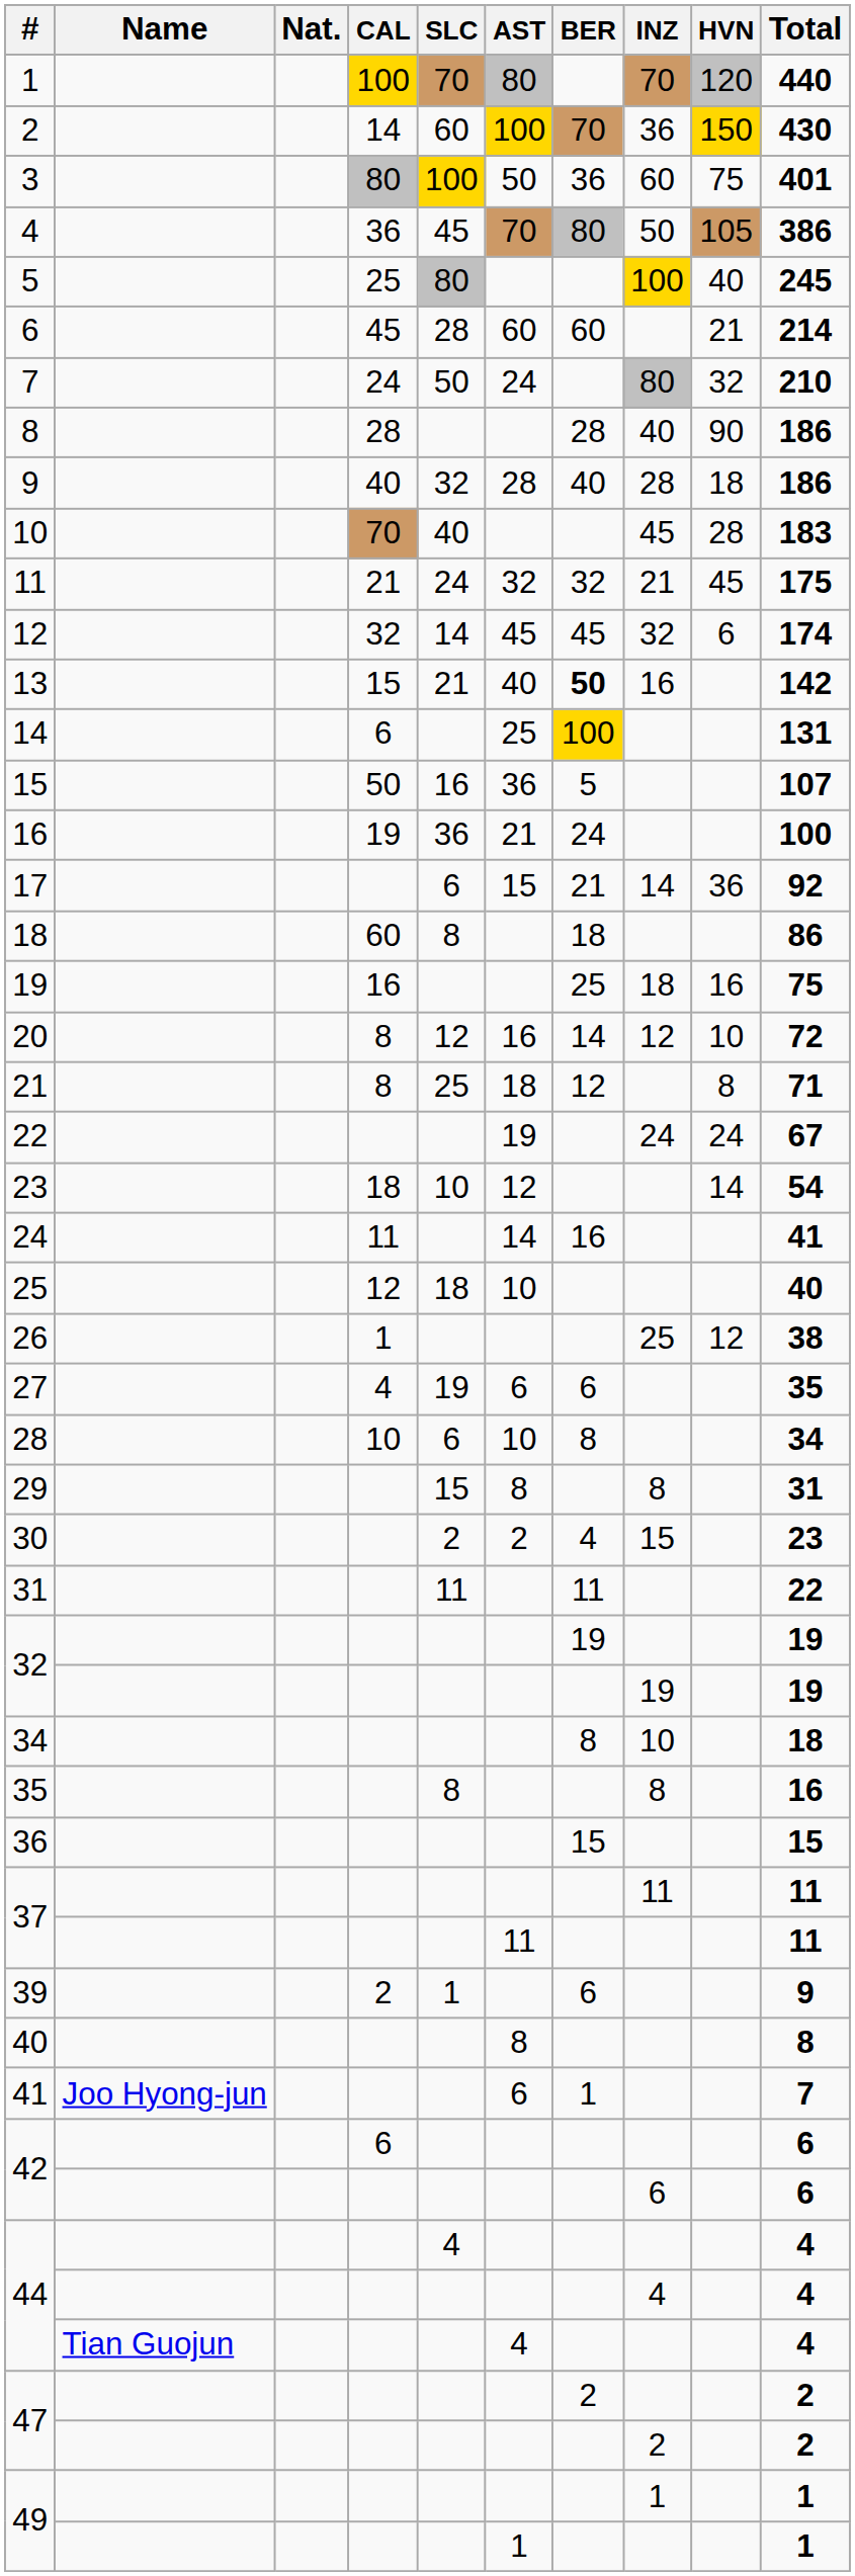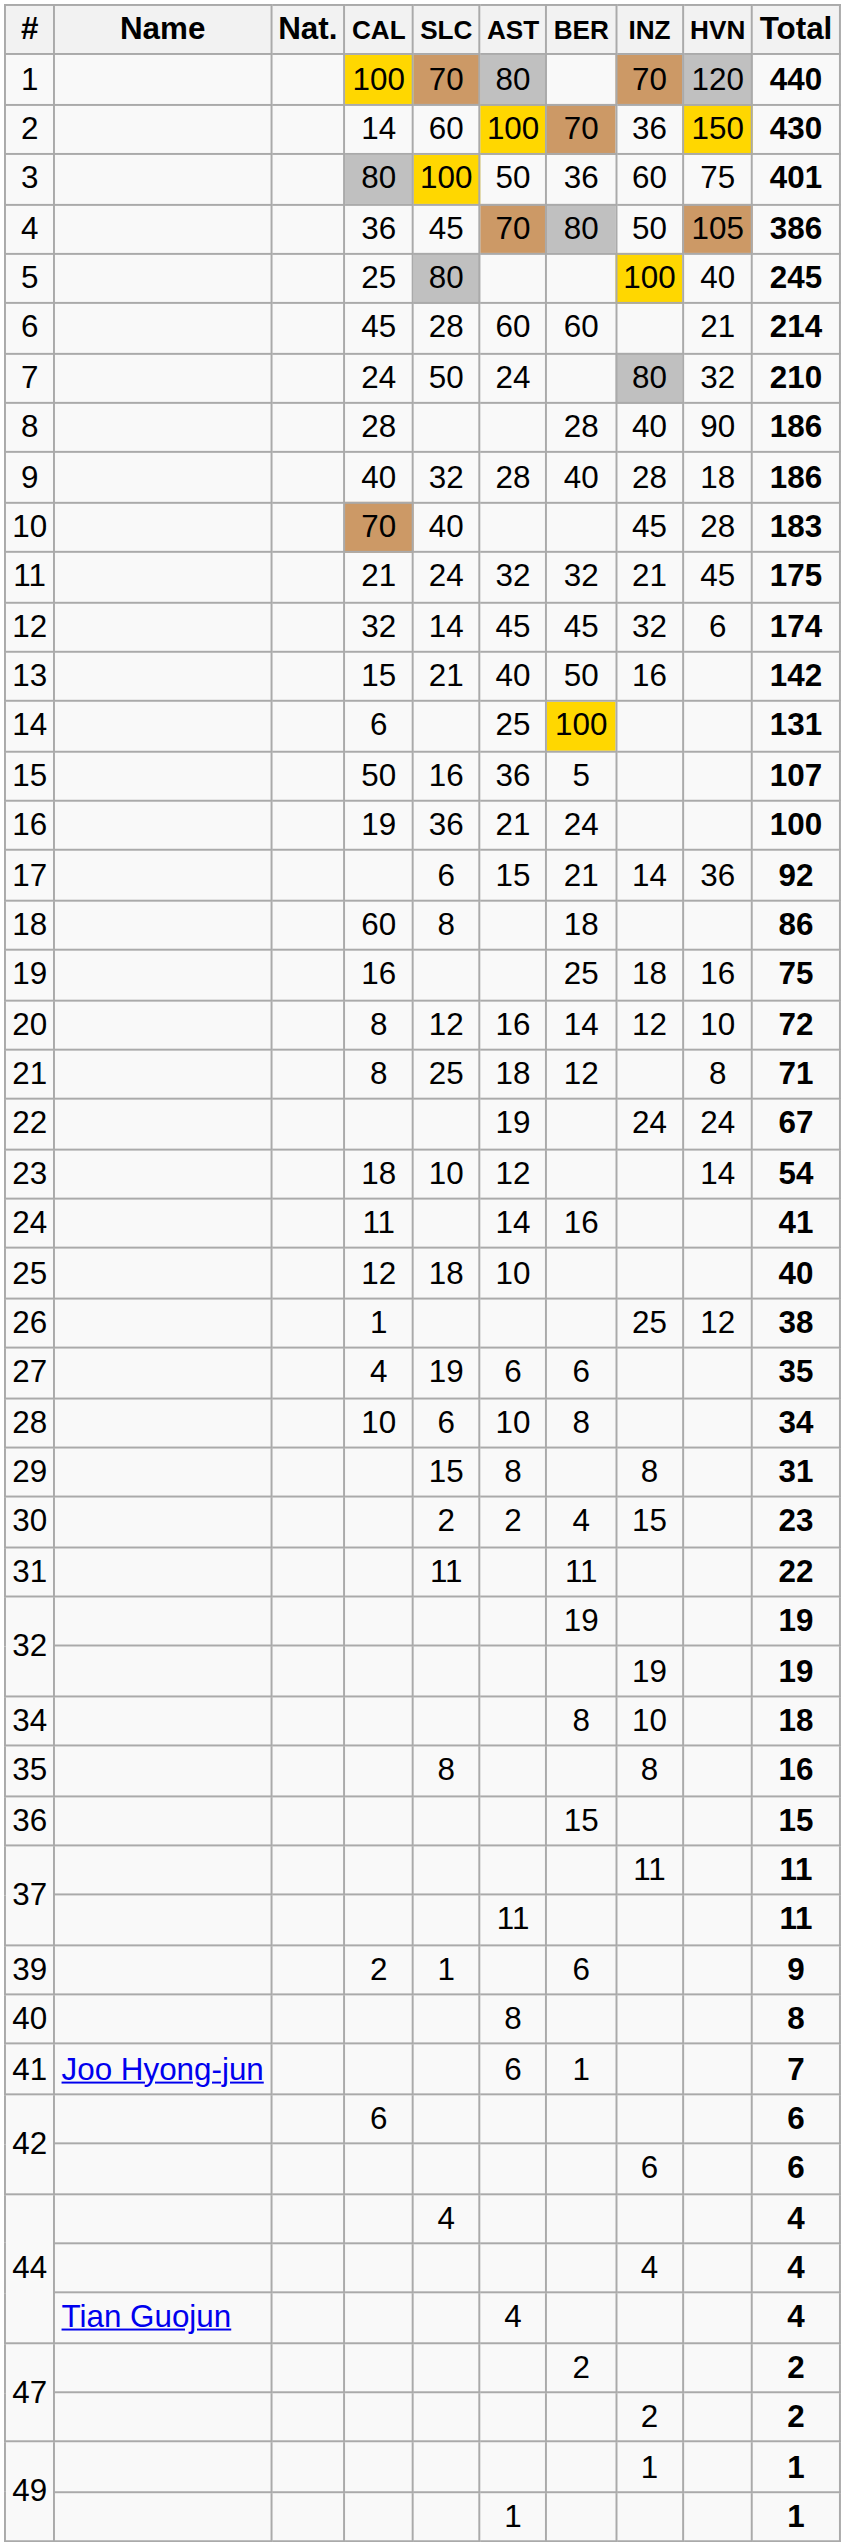 <table class="wikitable sortable" style="text-align:center;">
 <tr>
 <th>#</th>
 <th>Name</th>
 <th>Nat.</th>
 <th><small>CAL</small></th>
 <th><small>SLC</small></th>
 <th><small>AST</small></th>
 <th><small>BER</small></th>
 <th><small>INZ</small></th>
 <th><small>HVN</small></th>
 <th>Total</th>
 </tr>
 <tr>
 <td>1</td>
 <td align=left></td>
 <td></td>
 <td bgcolor=gold>100</td>
 <td bgcolor=cc9966>70</td>
 <td bgcolor=silver>80</td>
 <td></td>
 <td bgcolor=cc9966>70</td>
 <td bgcolor=silver>120</td>
 <td><strong>440</strong></td>
 </tr>
 <tr>
 <td>2</td>
 <td align=left></td>
 <td></td>
 <td>14</td>
 <td>60</td>
 <td bgcolor=gold>100</td>
 <td bgcolor=cc9966>70</td>
 <td>36</td>
 <td bgcolor=gold>150</td>
 <td><strong>430</strong></td>
 </tr>
 <tr>
 <td>3</td>
 <td align=left></td>
 <td></td>
 <td bgcolor=silver>80</td>
 <td bgcolor=gold>100</td>
 <td>50</td>
 <td>36</td>
 <td>60</td>
 <td>75</td>
 <td><strong>401</strong></td>
 </tr>
 <tr>
 <td>4</td>
 <td align=left></td>
 <td></td>
 <td>36</td>
 <td>45</td>
 <td bgcolor=cc9966>70</td>
 <td bgcolor=silver>80</td>
 <td>50</td>
 <td bgcolor=cc9966>105</td>
 <td><strong>386</strong></td>
 </tr>
 <tr>
 <td>5</td>
 <td align=left></td>
 <td></td>
 <td>25</td>
 <td bgcolor=silver>80</td>
 <td></td>
 <td></td>
 <td bgcolor=gold>100</td>
 <td>40</td>
 <td><strong>245</strong></td>
 </tr>
 <tr>
 <td>6</td>
 <td align=left></td>
 <td></td>
 <td>45</td>
 <td>28</td>
 <td>60</td>
 <td>60</td>
 <td></td>
 <td>21</td>
 <td><strong>214</strong></td>
 </tr>
 <tr>
 <td>7</td>
 <td align=left></td>
 <td></td>
 <td>24</td>
 <td>50</td>
 <td>24</td>
 <td></td>
 <td bgcolor=silver>80</td>
 <td>32</td>
 <td><strong>210</strong></td>
 </tr>
 <tr>
 <td>8</td>
 <td align=left></td>
 <td></td>
 <td>28</td>
 <td></td>
 <td></td>
 <td>28</td>
 <td>40</td>
 <td>90</td>
 <td><strong>186</strong></td>
 </tr>
 <tr>
 <td>9</td>
 <td align=left></td>
 <td></td>
 <td>40</td>
 <td>32</td>
 <td>28</td>
 <td>40</td>
 <td>28</td>
 <td>18</td>
 <td><strong>186</strong></td>
 </tr>
 <tr>
 <td>10</td>
 <td align=left></td>
 <td></td>
 <td bgcolor=cc9966>70</td>
 <td>40</td>
 <td></td>
 <td></td>
 <td>45</td>
 <td>28</td>
 <td><strong>183</strong></td>
 </tr>
 <tr>
 <td>11</td>
 <td align=left></td>
 <td></td>
 <td>21</td>
 <td>24</td>
 <td>32</td>
 <td>32</td>
 <td>21</td>
 <td>45</td>
 <td><strong>175</strong></td>
 </tr>
 <tr>
 <td>12</td>
 <td align=left></td>
 <td></td>
 <td>32</td>
 <td>14</td>
 <td>45</td>
 <td>45</td>
 <td>32</td>
 <td>6</td>
 <td><strong>174</strong></td>
 </tr>
 <tr>
 <td>13</td>
 <td align=left></td>
 <td></td>
 <td>15</td>
 <td>21</td>
 <td>40</td>
-<td><strong>50</strong></td>
+<td>50</td>
 <td>16</td>
 <td></td>
 <td><strong>142</strong></td>
 </tr>
 <tr>
 <td>14</td>
 <td align=left></td>
 <td></td>
 <td>6</td>
 <td></td>
 <td>25</td>
 <td bgcolor=gold>100</td>
 <td></td>
 <td></td>
 <td><strong>131</strong></td>
 </tr>
 <tr>
 <td>15</td>
 <td align=left></td>
 <td></td>
 <td>50</td>
 <td>16</td>
 <td>36</td>
 <td>5</td>
 <td></td>
 <td></td>
 <td><strong>107</strong></td>
 </tr>
 <tr>
 <td>16</td>
 <td align=left></td>
 <td></td>
 <td>19</td>
 <td>36</td>
 <td>21</td>
 <td>24</td>
 <td></td>
 <td></td>
 <td><strong>100</strong></td>
 </tr>
 <tr>
 <td>17</td>
 <td align=left></td>
 <td></td>
 <td></td>
 <td>6</td>
 <td>15</td>
 <td>21</td>
 <td>14</td>
 <td>36</td>
 <td><strong>92</strong></td>
 </tr>
 <tr>
 <td>18</td>
 <td align=left></td>
 <td></td>
 <td>60</td>
 <td>8</td>
 <td></td>
 <td>18</td>
 <td></td>
 <td></td>
 <td><strong>86</strong></td>
 </tr>
 <tr>
 <td>19</td>
 <td align=left></td>
 <td></td>
 <td>16</td>
 <td></td>
 <td></td>
 <td>25</td>
 <td>18</td>
 <td>16</td>
 <td><strong>75</strong></td>
 </tr>
 <tr>
 <td>20</td>
 <td align=left></td>
 <td></td>
 <td>8</td>
 <td>12</td>
 <td>16</td>
 <td>14</td>
 <td>12</td>
 <td>10</td>
 <td><strong>72</strong></td>
 </tr>
 <tr>
 <td>21</td>
 <td align=left></td>
 <td></td>
 <td>8</td>
 <td>25</td>
 <td>18</td>
 <td>12</td>
 <td></td>
 <td>8</td>
 <td><strong>71</strong></td>
 </tr>
 <tr>
 <td>22</td>
 <td align=left></td>
 <td></td>
 <td></td>
 <td></td>
 <td>19</td>
 <td></td>
 <td>24</td>
 <td>24</td>
 <td><strong>67</strong></td>
 </tr>
 <tr>
 <td>23</td>
 <td align=left></td>
 <td></td>
 <td>18</td>
 <td>10</td>
 <td>12</td>
 <td></td>
 <td></td>
 <td>14</td>
 <td><strong>54</strong></td>
 </tr>
 <tr>
 <td>24</td>
 <td align=left></td>
 <td></td>
 <td>11</td>
 <td></td>
 <td>14</td>
 <td>16</td>
 <td></td>
 <td></td>
 <td><strong>41</strong></td>
 </tr>
 <tr>
 <td>25</td>
 <td align=left></td>
 <td></td>
 <td>12</td>
 <td>18</td>
 <td>10</td>
 <td></td>
 <td></td>
 <td></td>
 <td><strong>40</strong></td>
 </tr>
 <tr>
 <td>26</td>
 <td align=left></td>
 <td></td>
 <td>1</td>
 <td></td>
 <td></td>
 <td></td>
 <td>25</td>
 <td>12</td>
 <td><strong>38</strong></td>
 </tr>
 <tr>
 <td>27</td>
 <td align=left></td>
 <td></td>
 <td>4</td>
 <td>19</td>
 <td>6</td>
 <td>6</td>
 <td></td>
 <td></td>
 <td><strong>35</strong></td>
 </tr>
 <tr>
 <td>28</td>
 <td align=left></td>
 <td></td>
 <td>10</td>
 <td>6</td>
 <td>10</td>
 <td>8</td>
 <td></td>
 <td></td>
 <td><strong>34</strong></td>
 </tr>
 <tr>
 <td>29</td>
 <td align=left></td>
 <td></td>
 <td></td>
 <td>15</td>
 <td>8</td>
 <td></td>
 <td>8</td>
 <td></td>
 <td><strong>31</strong></td>
 </tr>
 <tr>
 <td>30</td>
 <td align=left></td>
 <td></td>
 <td></td>
 <td>2</td>
 <td>2</td>
 <td>4</td>
 <td>15</td>
 <td></td>
 <td><strong>23</strong></td>
 </tr>
 <tr>
 <td>31</td>
 <td align=left></td>
 <td></td>
 <td></td>
 <td>11</td>
 <td></td>
 <td>11</td>
 <td></td>
 <td></td>
 <td><strong>22</strong></td>
 </tr>
 <tr>
 <td rowspan=2>32</td>
 <td align=left></td>
 <td></td>
 <td></td>
 <td></td>
 <td></td>
 <td>19</td>
 <td></td>
 <td></td>
 <td><strong>19</strong></td>
 </tr>
 <tr>
 <td align=left></td>
 <td></td>
 <td></td>
 <td></td>
 <td></td>
 <td></td>
 <td>19</td>
 <td></td>
 <td><strong>19</strong></td>
 </tr>
 <tr>
 <td>34</td>
 <td align=left></td>
 <td></td>
 <td></td>
 <td></td>
 <td></td>
 <td>8</td>
 <td>10</td>
 <td></td>
 <td><strong>18</strong></td>
 </tr>
 <tr>
 <td>35</td>
 <td align=left></td>
 <td></td>
 <td></td>
 <td>8</td>
 <td></td>
 <td></td>
 <td>8</td>
 <td></td>
 <td><strong>16</strong></td>
 </tr>
 <tr>
 <td>36</td>
 <td align=left></td>
 <td></td>
 <td></td>
 <td></td>
 <td></td>
 <td>15</td>
 <td></td>
 <td></td>
 <td><strong>15</strong></td>
 </tr>
 <tr>
 <td rowspan=2>37</td>
 <td align=left></td>
 <td></td>
 <td></td>
 <td></td>
 <td></td>
 <td></td>
 <td>11</td>
 <td></td>
 <td><strong>11</strong></td>
 </tr>
 <tr>
 <td align=left></td>
 <td></td>
 <td></td>
 <td></td>
 <td>11</td>
 <td></td>
 <td></td>
 <td></td>
 <td><strong>11</strong></td>
 </tr>
 <tr>
 <td>39</td>
 <td align=left></td>
 <td></td>
 <td>2</td>
 <td>1</td>
 <td></td>
 <td>6</td>
 <td></td>
 <td></td>
 <td><strong>9</strong></td>
 </tr>
 <tr>
 <td>40</td>
 <td align=left></td>
 <td></td>
 <td></td>
 <td></td>
 <td>8</td>
 <td></td>
 <td></td>
 <td></td>
 <td><strong>8</strong></td>
 </tr>
 <tr>
 <td>41</td>
 <td align=left><a href='#'>Joo Hyong-jun</a></td>
 <td></td>
 <td></td>
 <td></td>
 <td>6</td>
 <td>1</td>
 <td></td>
 <td></td>
 <td><strong>7</strong></td>
 </tr>
 <tr>
 <td rowspan=2>42</td>
 <td align=left></td>
 <td></td>
 <td>6</td>
 <td></td>
 <td></td>
 <td></td>
 <td></td>
 <td></td>
 <td><strong>6</strong></td>
 </tr>
 <tr>
 <td align=left></td>
 <td></td>
 <td></td>
 <td></td>
 <td></td>
 <td></td>
 <td>6</td>
 <td></td>
 <td><strong>6</strong></td>
 </tr>
 <tr>
 <td rowspan=3>44</td>
 <td align=left></td>
 <td></td>
 <td></td>
 <td>4</td>
 <td></td>
 <td></td>
 <td></td>
 <td></td>
 <td><strong>4</strong></td>
 </tr>
 <tr>
 <td align=left></td>
 <td></td>
 <td></td>
 <td></td>
 <td></td>
 <td></td>
 <td>4</td>
 <td></td>
 <td><strong>4</strong></td>
 </tr>
 <tr>
 <td align=left><a href='#'>Tian Guojun</a></td>
 <td></td>
 <td></td>
 <td></td>
 <td>4</td>
 <td></td>
 <td></td>
 <td></td>
 <td><strong>4</strong></td>
 </tr>
 <tr>
 <td rowspan=2>47</td>
 <td align=left></td>
 <td></td>
 <td></td>
 <td></td>
 <td></td>
 <td>2</td>
 <td></td>
 <td></td>
 <td><strong>2</strong></td>
 </tr>
 <tr>
 <td align=left></td>
 <td></td>
 <td></td>
 <td></td>
 <td></td>
 <td></td>
 <td>2</td>
 <td></td>
 <td><strong>2</strong></td>
 </tr>
 <tr>
 <td rowspan=2>49</td>
 <td align=left></td>
 <td></td>
 <td></td>
 <td></td>
 <td></td>
 <td></td>
 <td>1</td>
 <td></td>
 <td><strong>1</strong></td>
 </tr>
 <tr>
 <td align=left></td>
 <td></td>
 <td></td>
 <td></td>
 <td>1</td>
 <td></td>
 <td></td>
 <td></td>
 <td><strong>1</strong></td>
 </tr>
 </table>
